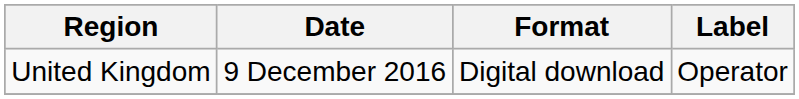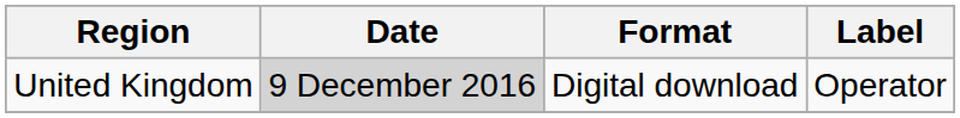 <table class=wikitable>
 <tr>
 <th>Region</th>
 <th>Date</th>
 <th>Format</th>
 <th>Label</th>
 </tr>
 <tr>
 <td>United Kingdom</td>
-<td>9 December 2016</td>
+<td style="background: lightgrey;">9 December 2016</td>
 <td>Digital download</td>
 <td>Operator</td>
 </tr>
 <tr>
 </tr>
 </table>
